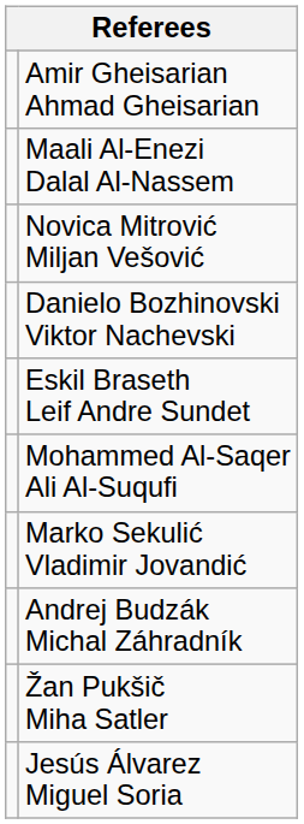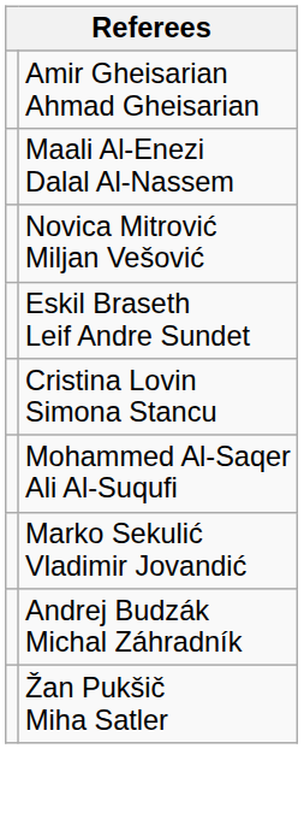 <table class="wikitable" style="display: inline-table;">
 <tr>
 <th colspan="2">Referees</th>
 </tr>
 <tr>
 <td></td>
 <td>Amir Gheisarian<br>Ahmad Gheisarian</td>
 </tr>
 <tr>
 <td></td>
 <td>Maali Al-Enezi<br>Dalal Al-Nassem</td>
 </tr>
 <tr>
 <td></td>
 <td>Novica Mitrović<br>Miljan Vešović</td>
 </tr>
 <tr>
 <td></td>
-<td>Danielo Bozhinovski<br>Viktor Nachevski</td>
+<td>Eskil Braseth<br>Leif Andre Sundet</td>
 </tr>
 <tr>
 <td></td>
-<td>Eskil Braseth<br>Leif Andre Sundet</td>
+<td>Cristina Lovin<br>Simona Stancu</td>
 </tr>
 <tr>
 <td></td>
 <td>Mohammed Al-Saqer<br>Ali Al-Suqufi</td>
 </tr>
 <tr>
 <td></td>
 <td>Marko Sekulić<br>Vladimir Jovandić</td>
 </tr>
 <tr>
 <td></td>
 <td>Andrej Budzák<br>Michal Záhradník</td>
 </tr>
 <tr>
 <td></td>
 <td>Žan Pukšič<br>Miha Satler</td>
 </tr>
-<tr>
-<td></td>
-<td>Jesús Álvarez<br>Miguel Soria</td>
-</tr>
 </table>
